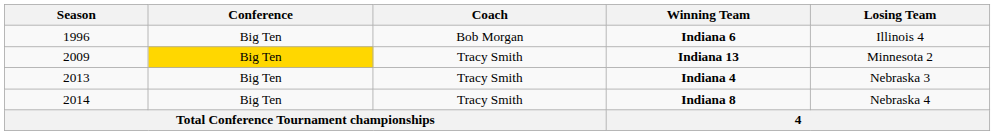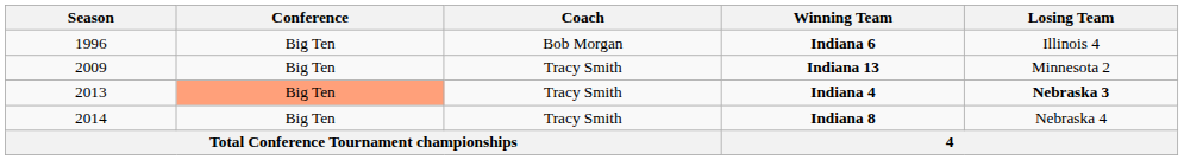 <table cellpadding="1" style="width:75%;" class="wikitable">
 <tr>
 <th style=>Season</th>
 <th style=>Conference</th>
 <th style=>Coach</th>
 <th style=>Winning Team</th>
 <th style=>Losing Team</th>
 </tr>
 <tr style="text-align:center;">
 <td>1996</td>
 <td>Big Ten</td>
 <td>Bob Morgan</td>
 <td><strong>Indiana 6</strong></td>
 <td>Illinois 4</td>
 </tr>
 <tr style="text-align:center;">
 <td>2009</td>
-<td style="background: gold;">Big Ten</td>
+<td>Big Ten</td>
 <td>Tracy Smith</td>
 <td><strong>Indiana 13</strong></td>
 <td>Minnesota 2</td>
 </tr>
 <tr style="text-align:center;">
 <td>2013</td>
-<td>Big Ten</td>
+<td style="background: lightsalmon;">Big Ten</td>
 <td>Tracy Smith</td>
 <td><strong>Indiana 4</strong></td>
-<td>Nebraska 3</td>
+<td><strong>Nebraska 3</strong></td>
 </tr>
 <tr style="text-align:center;">
 <td>2014</td>
 <td>Big Ten</td>
 <td>Tracy Smith</td>
 <td><strong>Indiana 8</strong></td>
 <td>Nebraska 4</td>
 </tr>
 <tr style="text-align:center;" class="sortbottom">
 <th colspan="3;" style=>Total Conference Tournament championships</th>
 <th colspan="2;" style=><strong>4</strong></th>
 </tr>
 </table>
